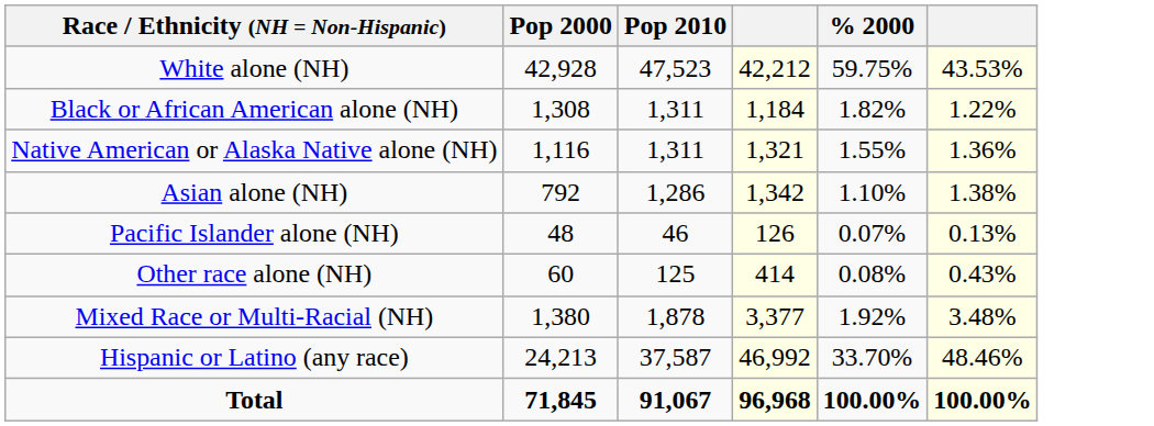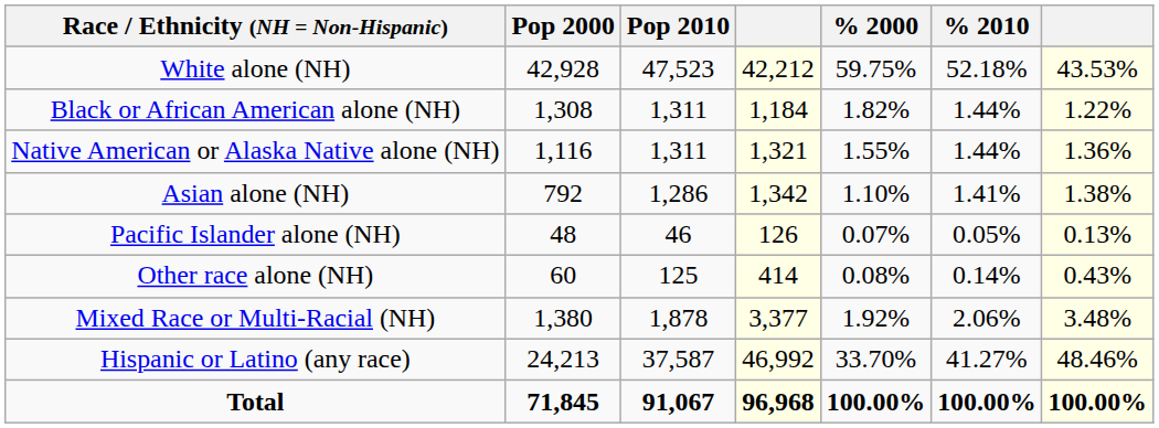 <table class="wikitable" style="text-align:center;">
 <tr>
 <th>Race / Ethnicity <small>(<em>NH = Non-Hispanic</em>)</small></th>
 <th>Pop 2000</th>
 <th>Pop 2010</th>
 <th></th>
 <th>% 2000</th>
+<th>% 2010</th>
 <th></th>
 </tr>
 <tr>
 <td><a href='#'>White</a> alone (NH)</td>
 <td>42,928</td>
 <td>47,523</td>
 <td style='background: #ffffe6;'>42,212</td>
 <td>59.75%</td>
+<td>52.18%</td>
 <td style='background: #ffffe6;'>43.53%</td>
 </tr>
 <tr>
 <td><a href='#'>Black or African American</a> alone (NH)</td>
 <td>1,308</td>
 <td>1,311</td>
 <td style='background: #ffffe6;'>1,184</td>
 <td>1.82%</td>
+<td>1.44%</td>
 <td style='background: #ffffe6;'>1.22%</td>
 </tr>
 <tr>
 <td><a href='#'>Native American</a> or <a href='#'>Alaska Native</a> alone (NH)</td>
 <td>1,116</td>
 <td>1,311</td>
 <td style='background: #ffffe6;'>1,321</td>
 <td>1.55%</td>
+<td>1.44%</td>
 <td style='background: #ffffe6;'>1.36%</td>
 </tr>
 <tr>
 <td><a href='#'>Asian</a> alone (NH)</td>
 <td>792</td>
 <td>1,286</td>
 <td style='background: #ffffe6;'>1,342</td>
 <td>1.10%</td>
+<td>1.41%</td>
 <td style='background: #ffffe6;'>1.38%</td>
 </tr>
 <tr>
 <td><a href='#'>Pacific Islander</a> alone (NH)</td>
 <td>48</td>
 <td>46</td>
 <td style='background: #ffffe6;'>126</td>
 <td>0.07%</td>
+<td>0.05%</td>
 <td style='background: #ffffe6;'>0.13%</td>
 </tr>
 <tr>
 <td><a href='#'>Other race</a> alone (NH)</td>
 <td>60</td>
 <td>125</td>
 <td style='background: #ffffe6;'>414</td>
 <td>0.08%</td>
+<td>0.14%</td>
 <td style='background: #ffffe6;'>0.43%</td>
 </tr>
 <tr>
 <td><a href='#'>Mixed Race or Multi-Racial</a> (NH)</td>
 <td>1,380</td>
 <td>1,878</td>
 <td style='background: #ffffe6;'>3,377</td>
 <td>1.92%</td>
+<td>2.06%</td>
 <td style='background: #ffffe6;'>3.48%</td>
 </tr>
 <tr>
 <td><a href='#'>Hispanic or Latino</a> (any race)</td>
 <td>24,213</td>
 <td>37,587</td>
 <td style='background: #ffffe6;'>46,992</td>
 <td>33.70%</td>
+<td>41.27%</td>
 <td style='background: #ffffe6;'>48.46%</td>
 </tr>
 <tr>
 <td><strong>Total</strong></td>
 <td><strong>71,845</strong></td>
 <td><strong>91,067</strong></td>
 <td style='background: #ffffe6;'><strong>96,968</strong></td>
 <td><strong>100.00%</strong></td>
+<td><strong>100.00%</strong></td>
 <td style='background: #ffffe6;'><strong>100.00%</strong></td>
 </tr>
 </table>
